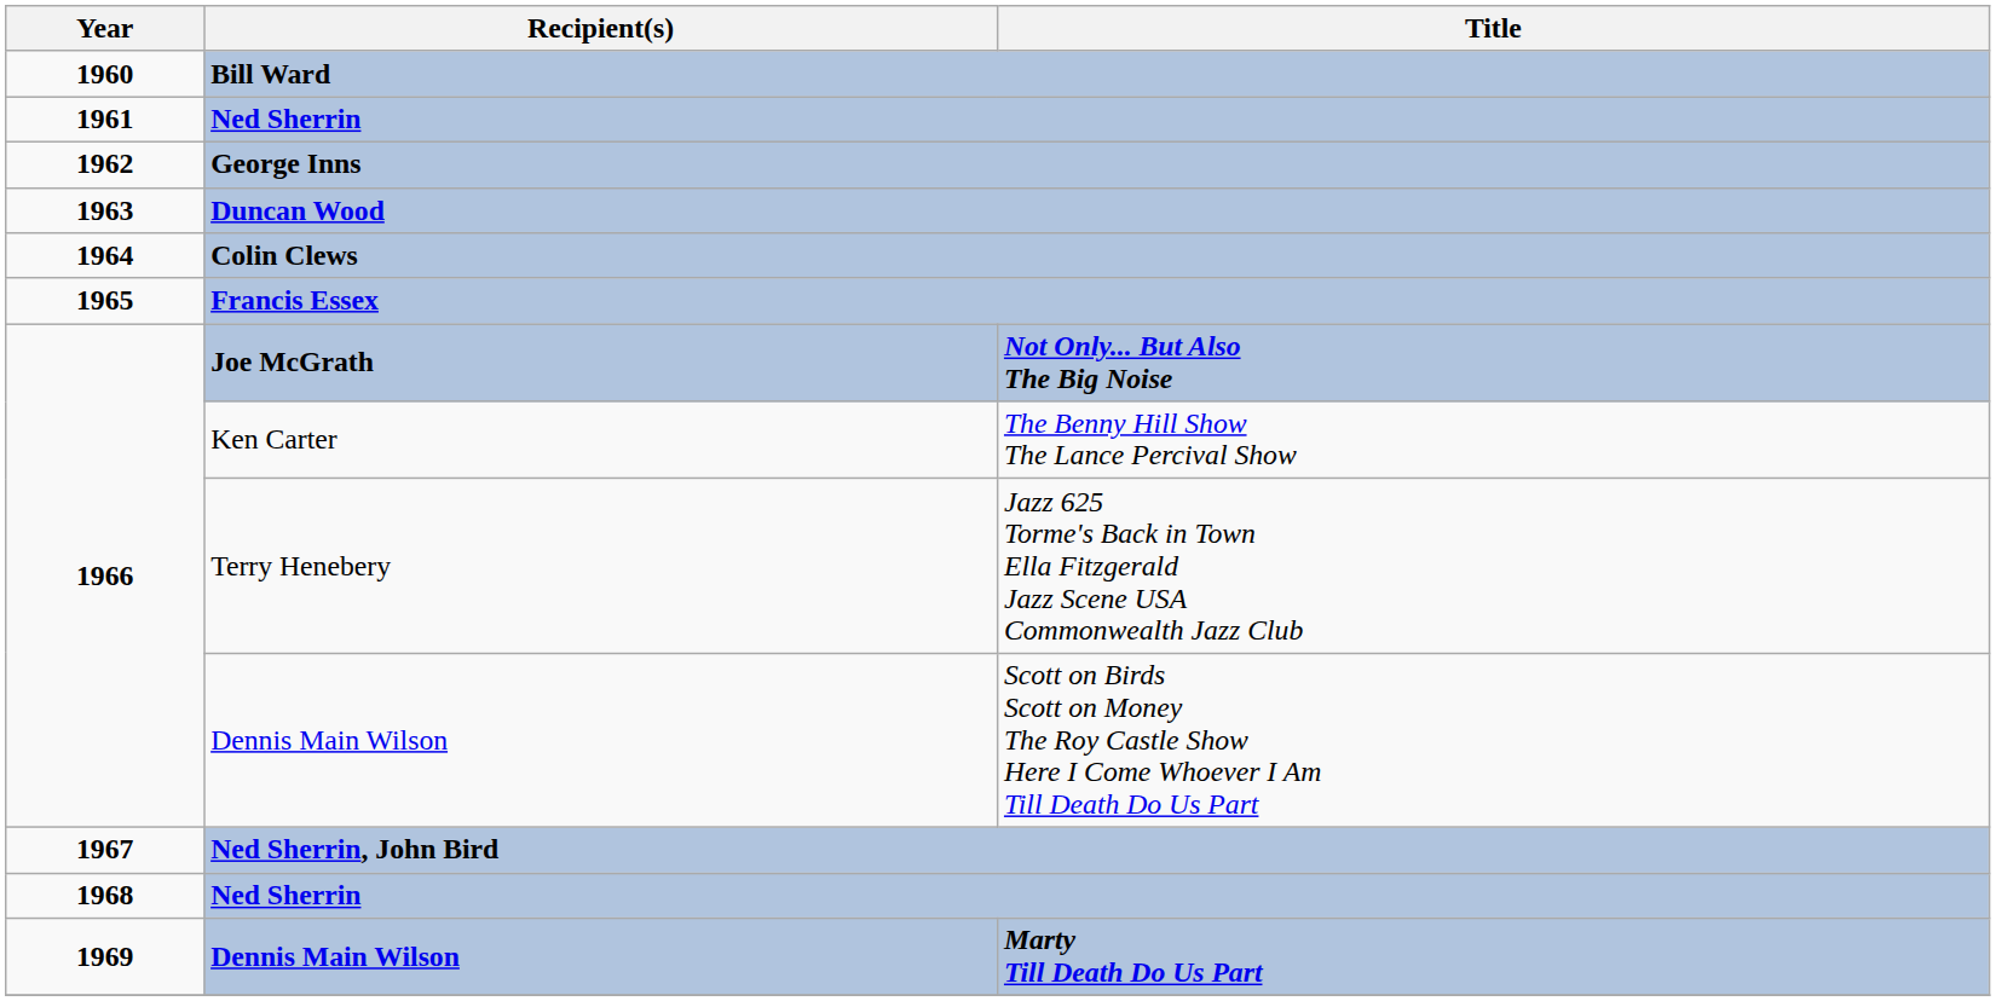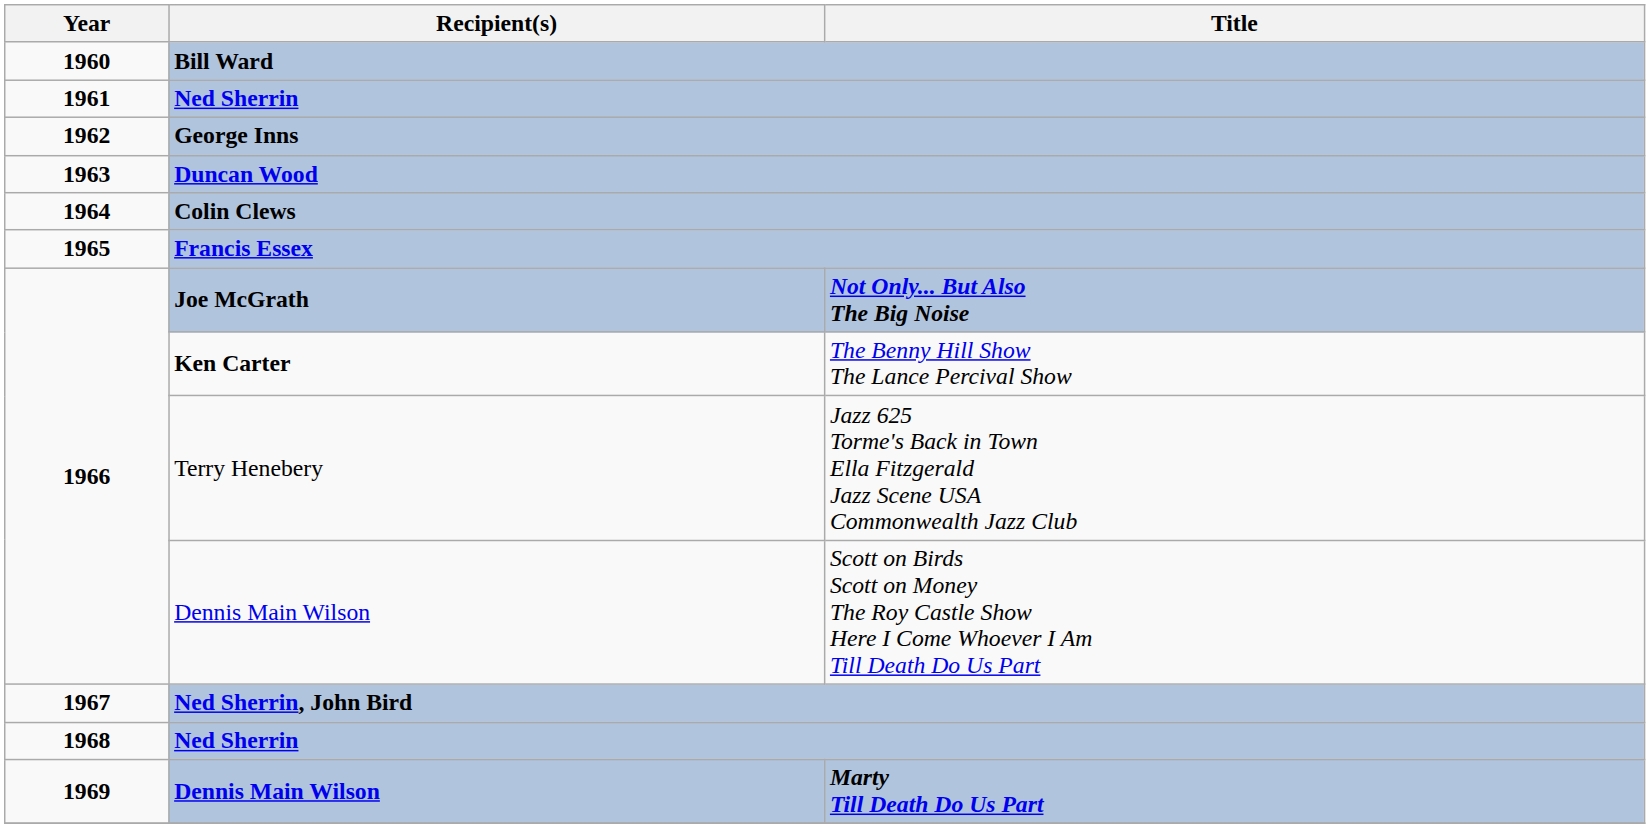 <table class="wikitable" width="70%">
 <tr>
 <th width=5%>Year</th>
 <th width=20%><strong>Recipient(s)</strong></th>
 <th width=25%><strong>Title</strong></th>
 </tr>
 <tr>
 <td style="text-align:center;"><strong>1960</strong></td>
 <td colspan="2" style="background:#B0C4DE;"><strong>Bill Ward</strong></td>
 </tr>
 <tr>
 <td style="text-align:center;"><strong>1961</strong></td>
 <td colspan="2" style="background:#B0C4DE;"><strong><a href='#'>Ned Sherrin</a></strong></td>
 </tr>
 <tr>
 <td style="text-align:center;"><strong>1962</strong></td>
 <td colspan="2" style="background:#B0C4DE;"><strong>George Inns</strong></td>
 </tr>
 <tr>
 <td style="text-align:center;"><strong>1963</strong></td>
 <td colspan="2" style="background:#B0C4DE;"><strong><a href='#'>Duncan Wood</a></strong></td>
 </tr>
 <tr>
 <td style="text-align:center;"><strong>1964</strong></td>
 <td colspan="2" style="background:#B0C4DE;"><strong>Colin Clews</strong></td>
 </tr>
 <tr>
 <td style="text-align:center;"><strong>1965</strong></td>
 <td colspan="2" style="background:#B0C4DE;"><strong><a href='#'>Francis Essex</a></strong></td>
 </tr>
 <tr>
 <td rowspan="4" style="text-align:center;"><strong>1966</strong></td>
 <td style="background:#B0C4DE;"><strong>Joe McGrath</strong></td>
 <td style="background:#B0C4DE;"><strong><em><a href='#'>Not Only... But Also</a><br>The Big Noise</em></strong></td>
 </tr>
 <tr>
-<td>Ken Carter</td>
+<td><strong>Ken Carter</strong></td>
 <td><em><a href='#'>The Benny Hill Show</a><br>The Lance Percival Show</em></td>
 </tr>
 <tr>
 <td>Terry Henebery</td>
 <td><em>Jazz 625<br>Torme's Back in Town<br>Ella Fitzgerald<br>Jazz Scene USA<br>Commonwealth Jazz Club</em></td>
 </tr>
 <tr>
 <td><a href='#'>Dennis Main Wilson</a></td>
 <td><em>Scott on Birds<br>Scott on Money<br>The Roy Castle Show<br>Here I Come Whoever I Am<br><a href='#'>Till Death Do Us Part</a></em></td>
 </tr>
 <tr>
 <td style="text-align:center;"><strong>1967</strong></td>
 <td colspan="2" style="background:#B0C4DE;"><strong><a href='#'>Ned Sherrin</a>, John Bird</strong></td>
 </tr>
 <tr>
 <td style="text-align:center;"><strong>1968</strong></td>
 <td colspan="2" style="background:#B0C4DE;"><strong><a href='#'>Ned Sherrin</a></strong></td>
 </tr>
 <tr>
 <td style="text-align:center;"><strong>1969</strong></td>
 <td style="background:#B0C4DE;"><strong><a href='#'>Dennis Main Wilson</a></strong></td>
 <td style="background:#B0C4DE;"><strong><em>Marty<br><a href='#'>Till Death Do Us Part</a></em></strong></td>
 </tr>
 <tr>
 </tr>
 </table>
